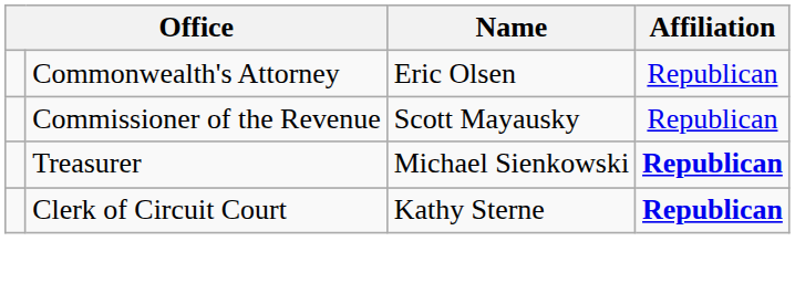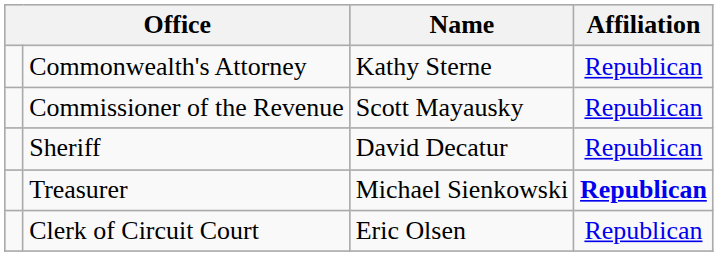 <table class=wikitable>
 <tr>
 <th colspan="2"  style="text-align:center; vertical-align:bottom;">Office</th>
 <th style="text-align:center;">Name</th>
 <th valign=bottom>Affiliation</th>
 </tr>
 <tr>
 <td style="background-color:"> </td>
 <td>Commonwealth's Attorney</td>
-<td>Eric Olsen</td>
+<td>Kathy Sterne</td>
 <td style="text-align:center;"><a href='#'>Republican</a></td>
 </tr>
 <tr>
 <td style="background-color:"> </td>
 <td>Commissioner of the Revenue</td>
 <td>Scott Mayausky</td>
+<td style="text-align:center;"><a href='#'>Republican</a></td>
+</tr>
+<tr>
+<td style="background-color:"> </td>
+<td>Sheriff</td>
+<td>David Decatur</td>
 <td style="text-align:center;"><a href='#'>Republican</a></td>
 </tr>
 <tr>
 <td style="background-color:"> </td>
 <td>Treasurer</td>
 <td>Michael Sienkowski</td>
 <td style="text-align:center;"><strong><a href='#'>Republican</a></strong></td>
 </tr>
 <tr>
 <td style="background-color:"> </td>
 <td>Clerk of Circuit Court</td>
-<td>Kathy Sterne</td>
-<td style="text-align:center;"><strong><a href='#'>Republican</a></strong></td>
+<td>Eric Olsen</td>
+<td style="text-align:center;"><a href='#'>Republican</a></td>
 </tr>
 </table>
